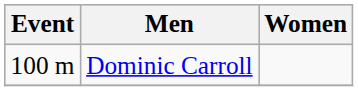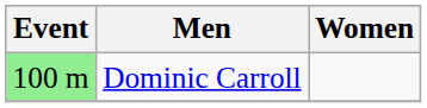 <table class=wikitable style="font-size:100%">
 <tr>
 <th>Event</th>
 <th>Men</th>
 <th>Women</th>
 </tr>
 <tr>
-<td>100 m</td>
+<td style="background: lightgreen;">100 m</td>
 <td><a href='#'>Dominic Carroll</a></td>
 <td></td>
 </tr>
 <tr>
 </tr>
 </table>
